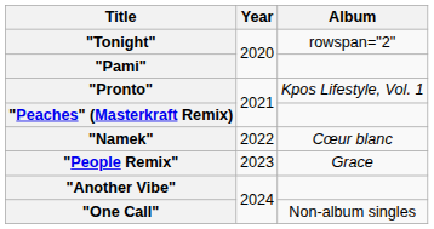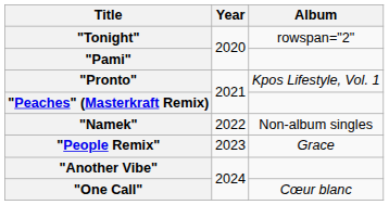 <table class="wikitable plainrowheaders" style="text-align:center;">
 <tr>
 <th scope="col" rowspan="1">Title</th>
 <th scope="col" rowspan="1">Year</th>
 <th scope="col" rowspan="1">Album</th>
 </tr>
 <tr>
 <th scope="row">"Tonight"<br></th>
 <td rowspan="2">2020</td>
 <td>rowspan="2" </td>
 </tr>
 <tr>
 <th scope="row">"Pami"<br></th>
 <td></td>
 </tr>
 <tr>
 <th scope="row">"Pronto"<br></th>
 <td rowspan="2">2021</td>
 <td><em>Kpos Lifestyle, Vol. 1</em></td>
 </tr>
 <tr>
 <th scope="row">"<a href='#'>Peaches</a>" (<a href='#'>Masterkraft</a> Remix)<br></th>
 <td></td>
 </tr>
 <tr>
 <th scope="row">"Namek"<br></th>
 <td>2022</td>
-<td><em>Cœur blanc</em></td>
+<td>Non-album singles</td>
 </tr>
 <tr>
 <th scope="row">"<a href='#'>People</a> Remix"<br></th>
 <td>2023</td>
 <td><em>Grace</em></td>
 </tr>
 <tr>
 <th scope="row">"Another Vibe"<br></th>
 <td rowspan="2">2024</td>
 </tr>
 <tr>
 <th scope="row">"One Call"<br></th>
-<td>Non-album singles</td>
+<td><em>Cœur blanc</em></td>
 </tr>
 </table>
